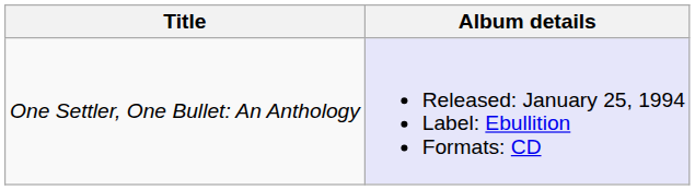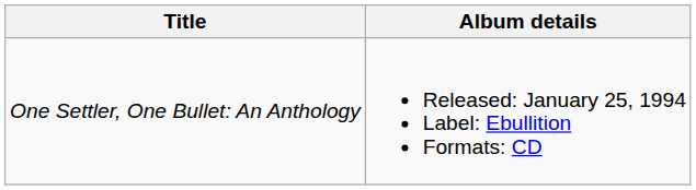 <table class="wikitable">
 <tr>
 <th>Title</th>
 <th>Album details</th>
 </tr>
 <tr>
 <td><em>One Settler, One Bullet: An Anthology</em></td>
-<td style="background: lavender;"><br><ul><li>Released: January 25, 1994</li><li>Label: <a href='#'>Ebullition</a></li><li>Formats: <a href='#'>CD</a></li></ul></td>
+<td><br><ul><li>Released: January 25, 1994</li><li>Label: <a href='#'>Ebullition</a></li><li>Formats: <a href='#'>CD</a></li></ul></td>
 </tr>
 </table>
